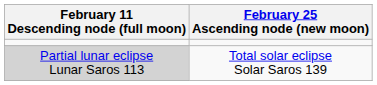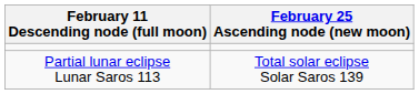 <table class="wikitable">
 <tr>
 <th>February 11<br>Descending node (full moon)</th>
 <th><a href='#'>February 25</a><br>Ascending node (new moon)<br></th>
 </tr>
 <tr>
 <td></td>
 <td></td>
 </tr>
 <tr align=center>
-<td style="background: lightgrey;"><a href='#'>Partial lunar eclipse</a><br>Lunar Saros 113</td>
+<td><a href='#'>Partial lunar eclipse</a><br>Lunar Saros 113</td>
 <td><a href='#'>Total solar eclipse</a><br>Solar Saros 139</td>
 </tr>
 </table>
